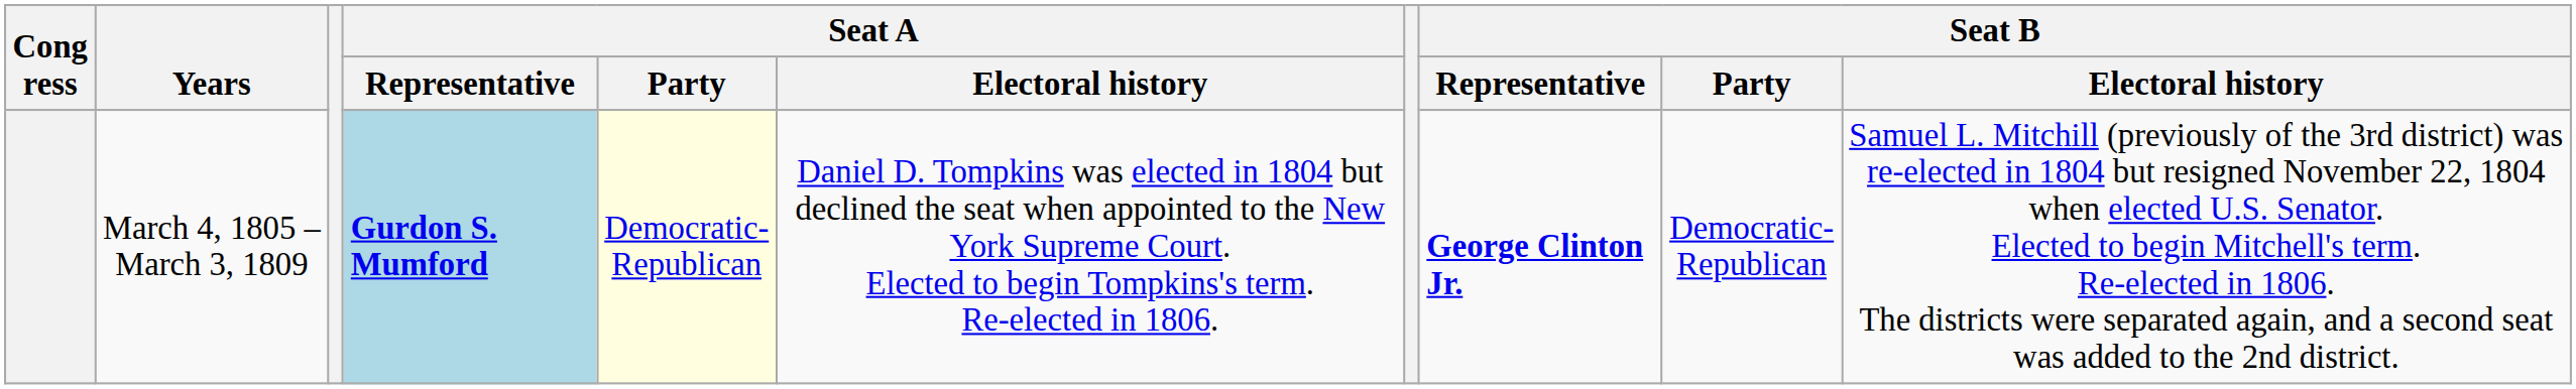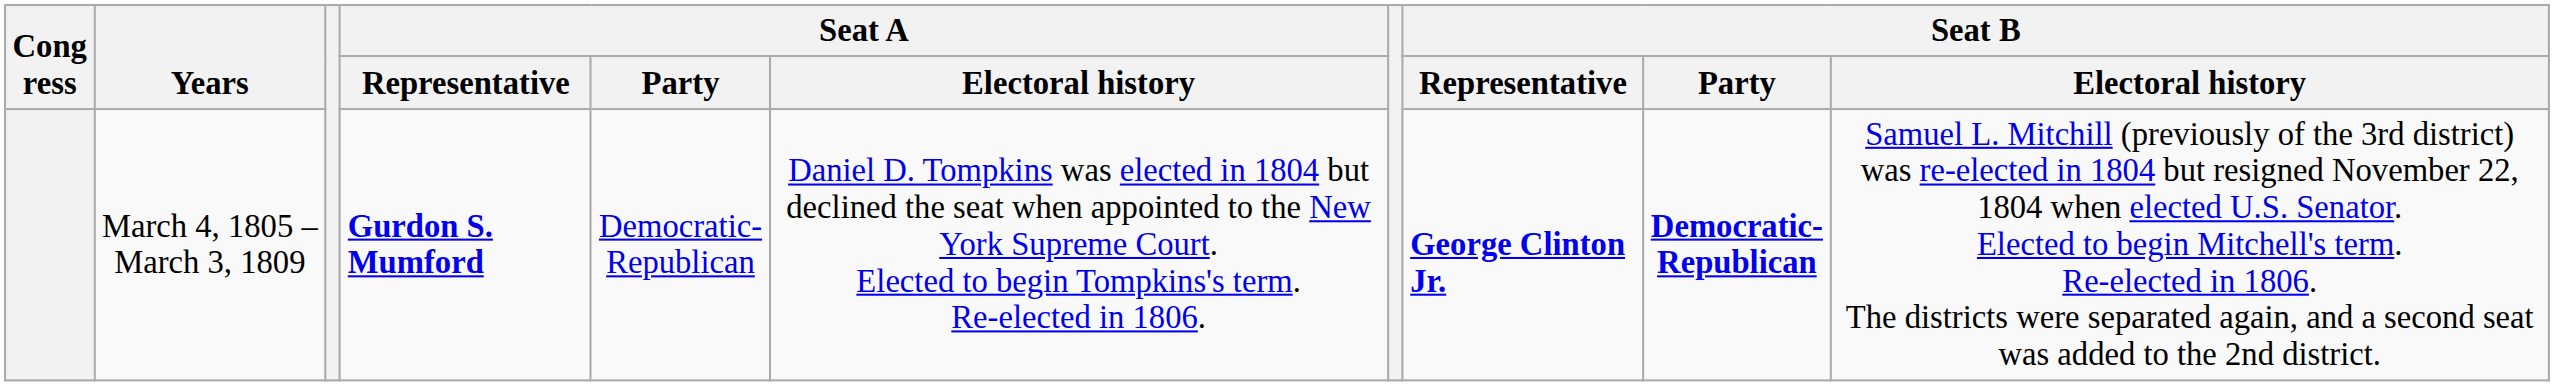 <table class=wikitable style="text-align:center">
 <tr valign=bottom>
 <th rowspan=2>Cong<br>ress</th>
 <th rowspan=2>Years</th>
 <th rowspan=99></th>
 <th colspan=3>Seat A</th>
 <th rowspan=99></th>
 <th colspan=3>Seat B</th>
 </tr>
 <tr>
 <th>Representative</th>
 <th>Party</th>
 <th>Electoral history</th>
 <th>Representative</th>
 <th>Party</th>
 <th>Electoral history</th>
 </tr>
 <tr style="height:3em">
 <th></th>
 <td nowrap>March 4, 1805 –<br>March 3, 1809</td>
-<td align=left style="background: lightblue;"><strong><a href='#'>Gurdon S. Mumford</a></strong><br></td>
-<td style="background: lightyellow;"><a href='#'>Democratic-<br>Republican</a></td>
+<td align=left><strong><a href='#'>Gurdon S. Mumford</a></strong><br></td>
+<td><a href='#'>Democratic-<br>Republican</a></td>
 <td><a href='#'>Daniel D. Tompkins</a> was <a href='#'>elected in 1804</a> but declined the seat when appointed to the <a href='#'>New York Supreme Court</a>.<br><a href='#'>Elected to begin Tompkins's term</a>.<br><a href='#'>Re-elected in 1806</a>.</td>
 <td align=left><br><strong><a href='#'>George Clinton Jr.</a></strong><br></td>
-<td><a href='#'>Democratic-<br>Republican</a></td>
+<td><strong><a href='#'>Democratic-<br>Republican</a></strong></td>
 <td><a href='#'>Samuel L. Mitchill</a> (previously of the 3rd district) was <a href='#'>re-elected in 1804</a> but resigned November 22, 1804 when <a href='#'>elected U.S. Senator</a>.<br><a href='#'>Elected to begin Mitchell's term</a>.<br><a href='#'>Re-elected in 1806</a>.<br>The districts were separated again, and a second seat was added to the 2nd district.</td>
 </tr>
 </table>
